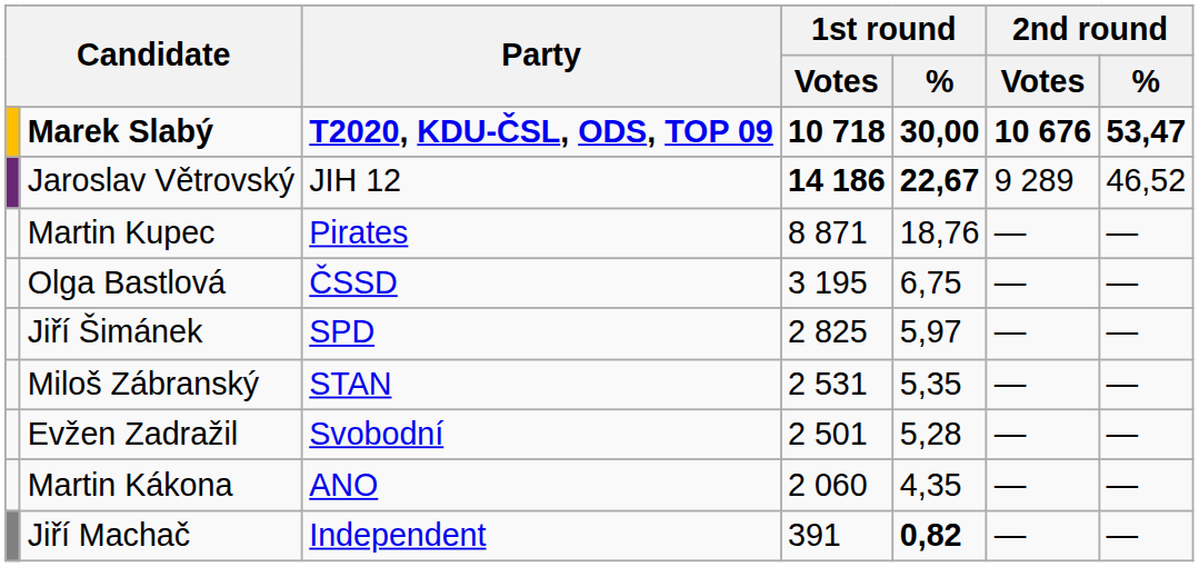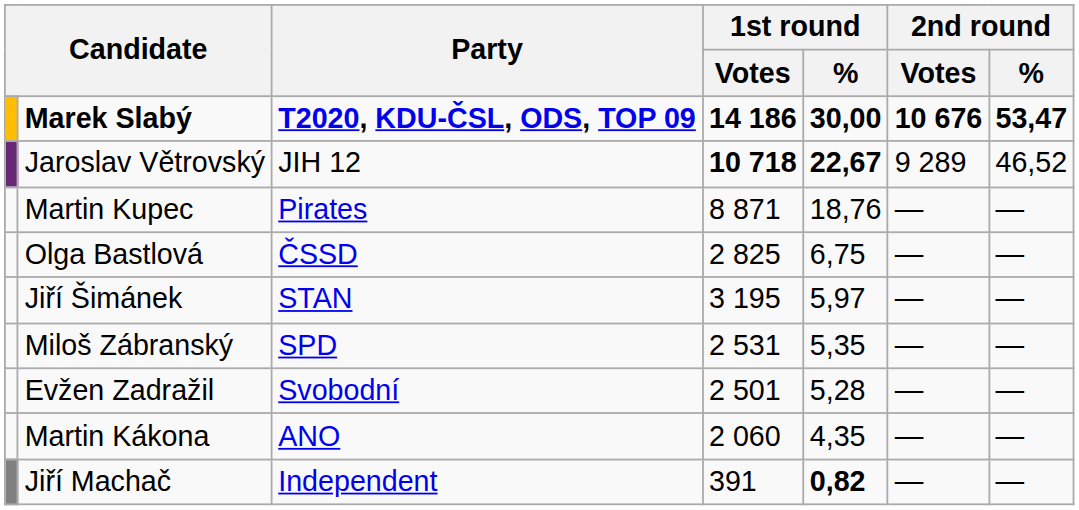 <table class="wikitable sortable">
 <tr>
 <th colspan="2" rowspan="2">Candidate</th>
 <th rowspan="2">Party</th>
 <th colspan="2">1st round</th>
 <th colspan="2">2nd round</th>
 </tr>
 <tr>
 <th>Votes</th>
 <th>%</th>
 <th>Votes</th>
 <th>%</th>
 </tr>
 <tr>
 <td style="background-color:#ffbf00;"></td>
 <td><strong>Marek Slabý</strong></td>
 <td><strong><a href='#'>T2020</a>, <a href='#'>KDU-ČSL</a>, <a href='#'>ODS</a>, <a href='#'>TOP 09</a></strong></td>
-<td><strong>10 718</strong></td>
+<td><strong>14 186</strong></td>
 <td><strong>30,00</strong></td>
 <td><strong>10 676</strong></td>
 <td><strong>53,47</strong></td>
 </tr>
 <tr>
 <td style="background-color:#682775;"></td>
 <td>Jaroslav Větrovský</td>
 <td>JIH 12</td>
-<td><strong>14 186</strong></td>
+<td><strong>10 718</strong></td>
 <td><strong>22,67</strong></td>
 <td>9 289</td>
 <td>46,52</td>
 </tr>
 <tr>
 <td style="background-color:"></td>
 <td>Martin Kupec</td>
 <td><a href='#'>Pirates</a></td>
 <td>8 871</td>
 <td>18,76</td>
 <td>—</td>
 <td>—</td>
 </tr>
 <tr>
 <td style="background-color:"></td>
 <td>Olga Bastlová</td>
 <td><a href='#'>ČSSD</a></td>
-<td>3 195</td>
+<td>2 825</td>
 <td>6,75</td>
 <td>—</td>
 <td>—</td>
 </tr>
 <tr>
 <td style="background-color:"></td>
 <td>Jiří Šimánek</td>
-<td><a href='#'>SPD</a></td>
-<td>2 825</td>
+<td><a href='#'>STAN</a></td>
+<td>3 195</td>
 <td>5,97</td>
 <td>—</td>
 <td>—</td>
 </tr>
 <tr>
 <td style="background-color:"></td>
 <td>Miloš Zábranský</td>
-<td><a href='#'>STAN</a></td>
+<td><a href='#'>SPD</a></td>
 <td>2 531</td>
 <td>5,35</td>
 <td>—</td>
 <td>—</td>
 </tr>
 <tr>
 <td style="background-color:"></td>
 <td>Evžen Zadražil</td>
 <td><a href='#'>Svobodní</a></td>
 <td>2 501</td>
 <td>5,28</td>
 <td>—</td>
 <td>—</td>
 </tr>
 <tr>
 <td style="background-color:"></td>
 <td>Martin Kákona</td>
 <td><a href='#'>ANO</a></td>
 <td>2 060</td>
 <td>4,35</td>
 <td>—</td>
 <td>—</td>
 </tr>
 <tr>
 <td style="background-color:grey"></td>
 <td>Jiří Machač</td>
 <td><a href='#'>Independent</a></td>
 <td>391</td>
 <td><strong>0,82</strong></td>
 <td>—</td>
 <td>—</td>
 </tr>
 </table>
